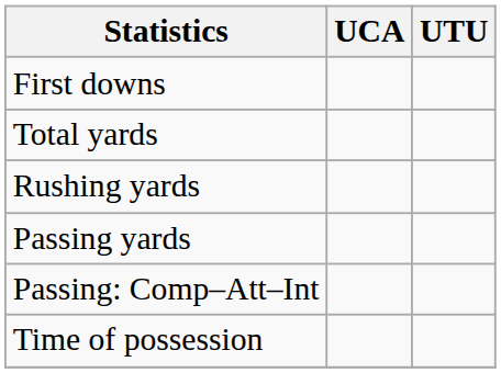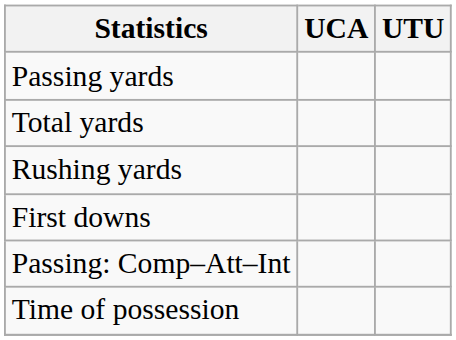 <table class="wikitable" style="float: left;">
 <tr>
 <th>Statistics</th>
 <th>UCA</th>
 <th>UTU</th>
 </tr>
 <tr>
-<td>First downs</td>
+<td>Passing yards</td>
 <td></td>
 <td></td>
 </tr>
 <tr>
 <td>Total yards</td>
 <td></td>
 <td></td>
 </tr>
 <tr>
 <td>Rushing yards</td>
 <td></td>
 <td></td>
 </tr>
 <tr>
-<td>Passing yards</td>
+<td>First downs</td>
 <td></td>
 <td></td>
 </tr>
 <tr>
 <td>Passing: Comp–Att–Int</td>
 <td></td>
 <td></td>
 </tr>
 <tr>
 <td>Time of possession</td>
 <td></td>
 <td></td>
 </tr>
 <tr>
 </tr>
 </table>
